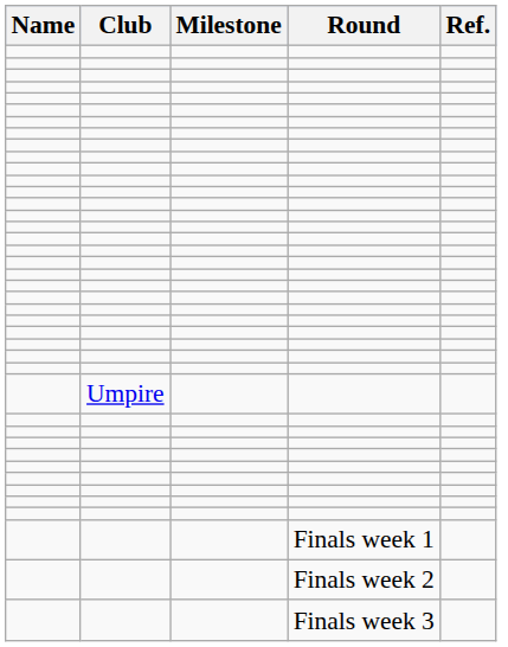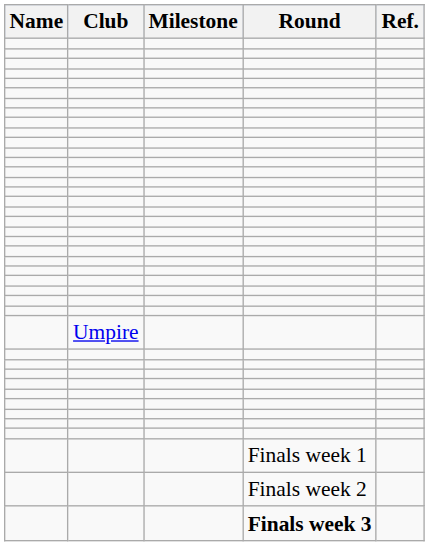 <table class="wikitable sortable" style="text-align:left; ">
 <tr style="background:#C1D8FF;">
 <th>Name</th>
 <th>Club</th>
 <th>Milestone</th>
 <th>Round</th>
 <th class=unsortable>Ref.</th>
 </tr>
 <tr>
 <td></td>
 <td></td>
 <td></td>
 <td></td>
 <td></td>
 </tr>
 <tr>
 <td></td>
 <td></td>
 <td></td>
 <td></td>
 <td></td>
 </tr>
 <tr>
 <td></td>
 <td></td>
 <td></td>
 <td></td>
 <td></td>
 </tr>
 <tr>
 <td></td>
 <td></td>
 <td></td>
 <td></td>
 <td></td>
 </tr>
 <tr>
 <td></td>
 <td></td>
 <td></td>
 <td></td>
 <td></td>
 </tr>
 <tr>
 <td></td>
 <td></td>
 <td></td>
 <td></td>
 <td></td>
 </tr>
 <tr>
 <td></td>
 <td></td>
 <td></td>
 <td></td>
 <td></td>
 </tr>
 <tr>
 <td></td>
 <td></td>
 <td></td>
 <td></td>
 <td></td>
 </tr>
 <tr>
 <td></td>
 <td></td>
 <td></td>
 <td></td>
 <td></td>
 </tr>
 <tr>
 <td></td>
 <td></td>
 <td></td>
 <td></td>
 <td></td>
 </tr>
 <tr>
 <td></td>
 <td></td>
 <td></td>
 <td></td>
 <td></td>
 </tr>
 <tr>
 <td></td>
 <td></td>
 <td></td>
 <td></td>
 <td></td>
 </tr>
 <tr>
 <td></td>
 <td></td>
 <td></td>
 <td></td>
 <td></td>
 </tr>
 <tr>
 <td></td>
 <td></td>
 <td></td>
 <td></td>
 <td></td>
 </tr>
 <tr>
 <td></td>
 <td></td>
 <td></td>
 <td></td>
 <td></td>
 </tr>
 <tr>
 <td></td>
 <td></td>
 <td></td>
 <td></td>
 <td></td>
 </tr>
 <tr>
 <td></td>
 <td></td>
 <td></td>
 <td></td>
 <td></td>
 </tr>
 <tr>
 <td></td>
 <td></td>
 <td></td>
 <td></td>
 <td></td>
 </tr>
 <tr>
 <td></td>
 <td></td>
 <td></td>
 <td></td>
 <td></td>
 </tr>
 <tr>
 <td></td>
 <td></td>
 <td></td>
 <td></td>
 <td></td>
 </tr>
 <tr>
 <td></td>
 <td></td>
 <td></td>
 <td></td>
 <td></td>
 </tr>
 <tr>
 <td></td>
 <td></td>
 <td></td>
 <td></td>
 <td></td>
 </tr>
 <tr>
 <td></td>
 <td></td>
 <td></td>
 <td></td>
 <td></td>
 </tr>
 <tr>
 <td></td>
 <td></td>
 <td></td>
 <td></td>
 <td></td>
 </tr>
 <tr>
 <td></td>
 <td></td>
 <td></td>
 <td></td>
 <td></td>
 </tr>
 <tr>
 <td></td>
 <td></td>
 <td></td>
 <td></td>
 <td></td>
 </tr>
 <tr>
 <td></td>
 <td></td>
 <td></td>
 <td></td>
 <td></td>
 </tr>
 <tr>
 <td></td>
 <td></td>
 <td></td>
 <td></td>
 <td></td>
 </tr>
 <tr>
 <td></td>
 <td><a href='#'>Umpire</a></td>
 <td></td>
 <td></td>
 <td></td>
 </tr>
 <tr>
 <td></td>
 <td></td>
 <td></td>
 <td></td>
 <td></td>
 </tr>
 <tr>
 <td></td>
 <td></td>
 <td></td>
 <td></td>
 <td></td>
 </tr>
 <tr>
 <td></td>
 <td></td>
 <td></td>
 <td></td>
 <td></td>
 </tr>
 <tr>
 <td></td>
 <td></td>
 <td></td>
 <td></td>
 <td></td>
 </tr>
 <tr>
 <td></td>
 <td></td>
 <td></td>
 <td></td>
 <td></td>
 </tr>
 <tr>
 <td></td>
 <td></td>
 <td></td>
 <td></td>
 <td></td>
 </tr>
 <tr>
 <td></td>
 <td></td>
 <td></td>
 <td></td>
 <td></td>
 </tr>
 <tr>
 <td></td>
 <td></td>
 <td></td>
 <td></td>
 <td></td>
 </tr>
 <tr>
 <td></td>
 <td></td>
 <td></td>
 <td></td>
 <td></td>
 </tr>
 <tr>
 <td></td>
 <td></td>
 <td></td>
 <td>Finals week 1</td>
 <td></td>
 </tr>
 <tr>
 <td></td>
 <td></td>
 <td></td>
 <td>Finals week 2</td>
 <td></td>
 </tr>
 <tr>
 <td></td>
 <td></td>
 <td></td>
-<td>Finals week 3</td>
+<td><strong>Finals week 3</strong></td>
 <td></td>
 </tr>
 </table>
